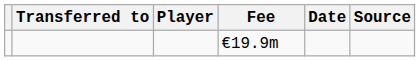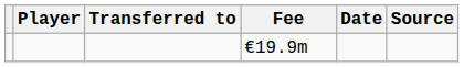 <table class="wikitable sortable">
 <tr>
 <th scope=col></th>
+<th scope=col>Player</th>
 <th scope=col>Transferred to</th>
-<th scope=col>Player</th>
 <th scope=col style="width:65px">Fee</th>
 <th scope=col>Date</th>
 <th scope=col>Source</th>
 </tr>
 <tr>
 <td align=center></td>
 <td></td>
 <td></td>
 <td>€19.9m</td>
 <td></td>
 <td></td>
 </tr>
 </table>
